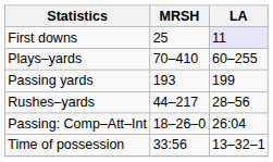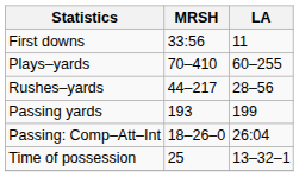 <table class="wikitable" style="float: left;">
 <tr>
 <th>Statistics</th>
 <th>MRSH</th>
 <th>LA</th>
 </tr>
 <tr>
 <td>First downs</td>
-<td>25</td>
-<td style="background: lavender;">11</td>
+<td>33:56</td>
+<td>11</td>
 </tr>
 <tr>
 <td>Plays–yards</td>
 <td>70–410</td>
 <td>60–255</td>
 </tr>
 <tr>
+<td>Rushes–yards</td>
+<td>44–217</td>
+<td>28–56</td>
+</tr>
+<tr>
 <td>Passing yards</td>
 <td>193</td>
 <td>199</td>
-</tr>
-<tr>
-<td>Rushes–yards</td>
-<td>44–217</td>
-<td>28–56</td>
 </tr>
 <tr>
 <td>Passing: Comp–Att–Int</td>
 <td>18–26–0</td>
 <td>26:04</td>
 </tr>
 <tr>
 <td>Time of possession</td>
-<td>33:56</td>
+<td>25</td>
 <td>13–32–1</td>
 </tr>
 <tr>
 </tr>
 </table>
